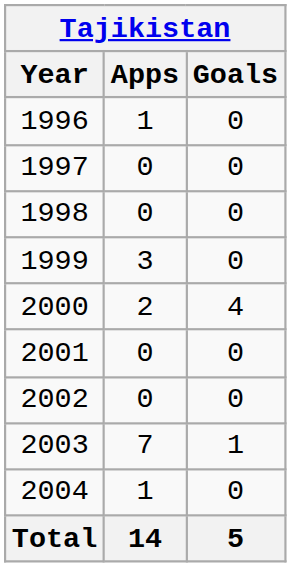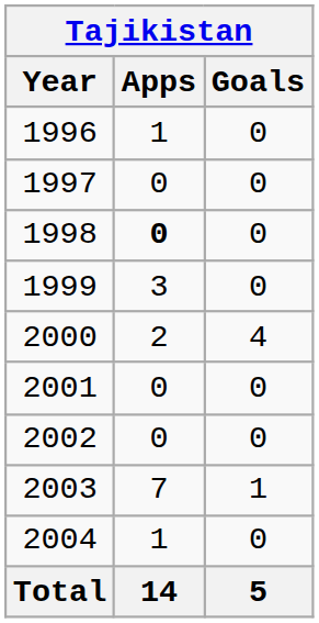 <table class="wikitable" style="text-align:center">
 <tr>
 <th colspan=3><a href='#'>Tajikistan</a></th>
 </tr>
 <tr>
 <th>Year</th>
 <th>Apps</th>
 <th>Goals</th>
 </tr>
 <tr>
 <td>1996</td>
 <td>1</td>
 <td>0</td>
 </tr>
 <tr>
 <td>1997</td>
 <td>0</td>
 <td>0</td>
 </tr>
 <tr>
 <td>1998</td>
-<td>0</td>
+<td><strong>0</strong></td>
 <td>0</td>
 </tr>
 <tr>
 <td>1999</td>
 <td>3</td>
 <td>0</td>
 </tr>
 <tr>
 <td>2000</td>
 <td>2</td>
 <td>4</td>
 </tr>
 <tr>
 <td>2001</td>
 <td>0</td>
 <td>0</td>
 </tr>
 <tr>
 <td>2002</td>
 <td>0</td>
 <td>0</td>
 </tr>
 <tr>
 <td>2003</td>
 <td>7</td>
 <td>1</td>
 </tr>
 <tr>
 <td>2004</td>
 <td>1</td>
 <td>0</td>
 </tr>
 <tr>
 <th>Total</th>
 <th>14</th>
 <th>5</th>
 </tr>
 </table>
